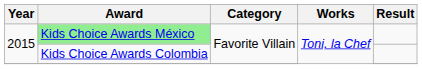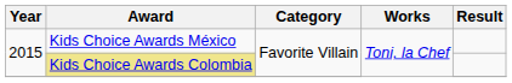 <table class="wikitable plainrowheaders">
 <tr>
 <th scope="col">Year</th>
 <th scope="col">Award</th>
 <th scope="col">Category</th>
 <th scope="col">Works</th>
 <th scope="col">Result</th>
 </tr>
 <tr>
 <td rowspan="2">2015</td>
-<td rowspan="1" style="background: lightgreen;"><a href='#'>Kids Choice Awards México</a></td>
+<td rowspan="1"><a href='#'>Kids Choice Awards México</a></td>
 <td rowspan="2">Favorite Villain</td>
 <td rowspan="3"><em><a href='#'>Toni, la Chef</a></em></td>
 <td></td>
 </tr>
 <tr>
-<td rowspan="1"><a href='#'>Kids Choice Awards Colombia</a></td>
+<td rowspan="1" style="background: khaki;"><a href='#'>Kids Choice Awards Colombia</a></td>
 <td></td>
 </tr>
 <tr>
 </tr>
 </table>
